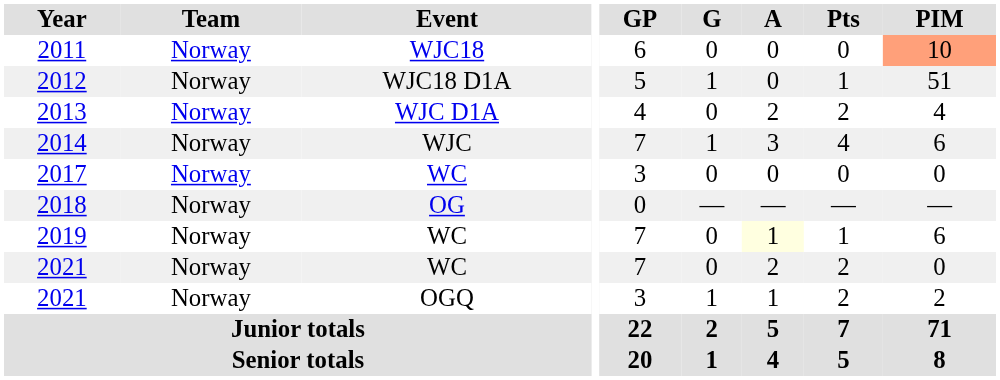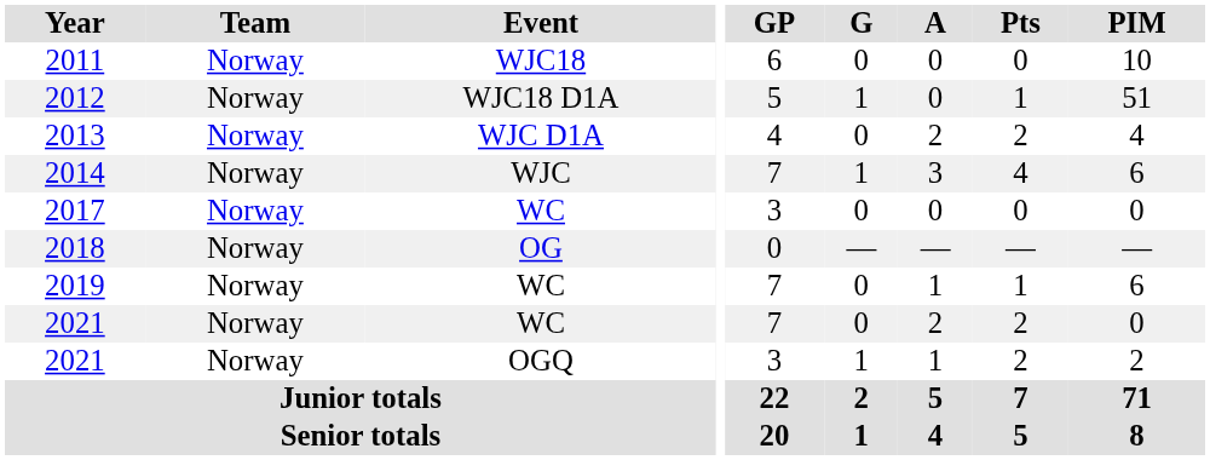 <table border="0" cellpadding="1" cellspacing="0" ID="Table3" style="text-align:center; width:40em">
 <tr ALIGN="center" bgcolor="#e0e0e0">
 <th>Year</th>
 <th>Team</th>
 <th>Event</th>
 <th rowspan="99" bgcolor="#ffffff"></th>
 <th>GP</th>
 <th>G</th>
 <th>A</th>
 <th>Pts</th>
 <th>PIM</th>
 </tr>
 <tr>
 <td><a href='#'>2011</a></td>
 <td><a href='#'>Norway</a></td>
 <td><a href='#'>WJC18</a></td>
 <td>6</td>
 <td>0</td>
 <td>0</td>
 <td>0</td>
-<td style="background: lightsalmon;">10</td>
+<td>10</td>
 </tr>
 <tr bgcolor="#f0f0f0">
 <td><a href='#'>2012</a></td>
 <td>Norway</td>
 <td>WJC18 D1A</td>
 <td>5</td>
 <td>1</td>
 <td>0</td>
 <td>1</td>
 <td>51</td>
 </tr>
 <tr>
 <td><a href='#'>2013</a></td>
 <td><a href='#'>Norway</a></td>
 <td><a href='#'>WJC D1A</a></td>
 <td>4</td>
 <td>0</td>
 <td>2</td>
 <td>2</td>
 <td>4</td>
 </tr>
 <tr bgcolor="#f0f0f0">
 <td><a href='#'>2014</a></td>
 <td>Norway</td>
 <td>WJC</td>
 <td>7</td>
 <td>1</td>
 <td>3</td>
 <td>4</td>
 <td>6</td>
 </tr>
 <tr>
 <td><a href='#'>2017</a></td>
 <td><a href='#'>Norway</a></td>
 <td><a href='#'>WC</a></td>
 <td>3</td>
 <td>0</td>
 <td>0</td>
 <td>0</td>
 <td>0</td>
 </tr>
 <tr bgcolor="#f0f0f0">
 <td><a href='#'>2018</a></td>
 <td>Norway</td>
 <td><a href='#'>OG</a></td>
 <td>0</td>
 <td>—</td>
 <td>—</td>
 <td>—</td>
 <td>—</td>
 </tr>
 <tr>
 <td><a href='#'>2019</a></td>
 <td>Norway</td>
 <td>WC</td>
 <td>7</td>
 <td>0</td>
-<td style="background: lightyellow;">1</td>
+<td>1</td>
 <td>1</td>
 <td>6</td>
 </tr>
 <tr bgcolor="#f0f0f0">
 <td><a href='#'>2021</a></td>
 <td>Norway</td>
 <td>WC</td>
 <td>7</td>
 <td>0</td>
 <td>2</td>
 <td>2</td>
 <td>0</td>
 </tr>
 <tr>
 <td><a href='#'>2021</a></td>
 <td>Norway</td>
 <td>OGQ</td>
 <td>3</td>
 <td>1</td>
 <td>1</td>
 <td>2</td>
 <td>2</td>
 </tr>
 <tr bgcolor="#e0e0e0">
 <th colspan="3">Junior totals</th>
 <th>22</th>
 <th>2</th>
 <th>5</th>
 <th>7</th>
 <th>71</th>
 </tr>
 <tr bgcolor="#e0e0e0">
 <th colspan="3">Senior totals</th>
 <th>20</th>
 <th>1</th>
 <th>4</th>
 <th>5</th>
 <th>8</th>
 </tr>
 </table>
